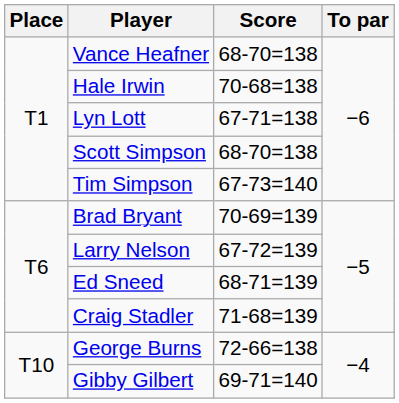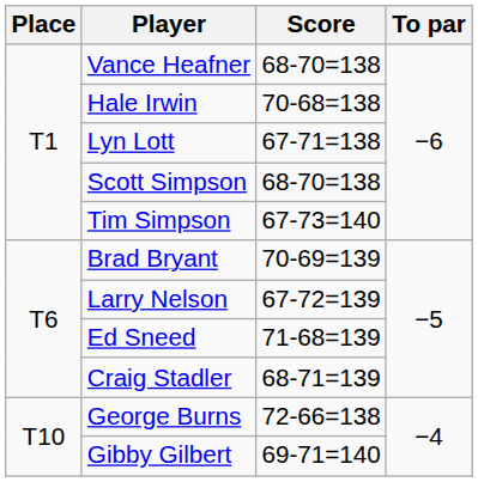 <table class="wikitable">
 <tr>
 <th>Place</th>
 <th>Player</th>
 <th>Score</th>
 <th>To par</th>
 </tr>
 <tr>
 <td rowspan=5 align=center>T1</td>
 <td> <a href='#'>Vance Heafner</a></td>
 <td align=center>68-70=138</td>
 <td rowspan=5 align=center>−6</td>
 </tr>
 <tr>
 <td> <a href='#'>Hale Irwin</a></td>
 <td align=center>70-68=138</td>
 </tr>
 <tr>
 <td> <a href='#'>Lyn Lott</a></td>
 <td align=center>67-71=138</td>
 </tr>
 <tr>
 <td> <a href='#'>Scott Simpson</a></td>
 <td align=center>68-70=138</td>
 </tr>
 <tr>
 <td> <a href='#'>Tim Simpson</a></td>
 <td align=center>67-73=140</td>
 </tr>
 <tr>
 <td rowspan=4 align=center>T6</td>
 <td> <a href='#'>Brad Bryant</a></td>
 <td align=center>70-69=139</td>
 <td rowspan=4 align=center>−5</td>
 </tr>
 <tr>
 <td> <a href='#'>Larry Nelson</a></td>
 <td align=center>67-72=139</td>
 </tr>
 <tr>
 <td> <a href='#'>Ed Sneed</a></td>
-<td align=center>68-71=139</td>
+<td align=center>71-68=139</td>
 </tr>
 <tr>
 <td> <a href='#'>Craig Stadler</a></td>
-<td align=center>71-68=139</td>
+<td align=center>68-71=139</td>
 </tr>
 <tr>
 <td rowspan=2 align=center>T10</td>
 <td> <a href='#'>George Burns</a></td>
 <td align=center>72-66=138</td>
 <td rowspan=2 align=center>−4</td>
 </tr>
 <tr>
 <td> <a href='#'>Gibby Gilbert</a></td>
 <td align=center>69-71=140</td>
 </tr>
 </table>
